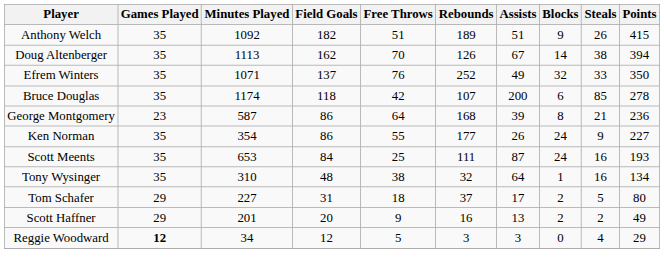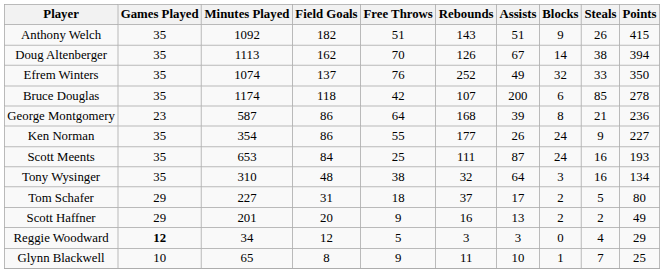 <table class="wikitable sortable" style="text-align:center">
 <tr>
 <th>Player</th>
 <th>Games Played</th>
 <th>Minutes Played</th>
 <th>Field Goals</th>
 <th>Free Throws</th>
 <th>Rebounds</th>
 <th>Assists</th>
 <th>Blocks</th>
 <th>Steals</th>
 <th>Points</th>
 </tr>
 <tr align="center" bgcolor="">
 <td>Anthony Welch</td>
 <td>35</td>
 <td>1092</td>
 <td>182</td>
 <td>51</td>
-<td>189</td>
+<td>143</td>
 <td>51</td>
 <td>9</td>
 <td>26</td>
 <td>415</td>
 </tr>
 <tr align="center" bgcolor="">
 <td>Doug Altenberger</td>
 <td>35</td>
 <td>1113</td>
 <td>162</td>
 <td>70</td>
 <td>126</td>
 <td>67</td>
 <td>14</td>
 <td>38</td>
 <td>394</td>
 </tr>
 <tr align="center" bgcolor="">
 <td>Efrem Winters</td>
 <td>35</td>
-<td>1071</td>
+<td>1074</td>
 <td>137</td>
 <td>76</td>
 <td>252</td>
 <td>49</td>
 <td>32</td>
 <td>33</td>
 <td>350</td>
 </tr>
 <tr align="center" bgcolor="">
 <td>Bruce Douglas</td>
 <td>35</td>
 <td>1174</td>
 <td>118</td>
 <td>42</td>
 <td>107</td>
 <td>200</td>
 <td>6</td>
 <td>85</td>
 <td>278</td>
 </tr>
 <tr align="center" bgcolor="">
 <td>George Montgomery</td>
 <td>23</td>
 <td>587</td>
 <td>86</td>
 <td>64</td>
 <td>168</td>
 <td>39</td>
 <td>8</td>
 <td>21</td>
 <td>236</td>
 </tr>
 <tr align="center" bgcolor="">
 <td>Ken Norman</td>
 <td>35</td>
 <td>354</td>
 <td>86</td>
 <td>55</td>
 <td>177</td>
 <td>26</td>
 <td>24</td>
 <td>9</td>
 <td>227</td>
 </tr>
 <tr align="center" bgcolor="">
 <td>Scott Meents</td>
 <td>35</td>
 <td>653</td>
 <td>84</td>
 <td>25</td>
 <td>111</td>
 <td>87</td>
 <td>24</td>
 <td>16</td>
 <td>193</td>
 </tr>
 <tr align="center" bgcolor="">
 <td>Tony Wysinger</td>
 <td>35</td>
 <td>310</td>
 <td>48</td>
 <td>38</td>
 <td>32</td>
 <td>64</td>
-<td>1</td>
+<td>3</td>
 <td>16</td>
 <td>134</td>
 </tr>
 <tr align="center" bgcolor="">
 <td>Tom Schafer</td>
 <td>29</td>
 <td>227</td>
 <td>31</td>
 <td>18</td>
 <td>37</td>
 <td>17</td>
 <td>2</td>
 <td>5</td>
 <td>80</td>
 </tr>
 <tr align="center" bgcolor="">
 <td>Scott Haffner</td>
 <td>29</td>
 <td>201</td>
 <td>20</td>
 <td>9</td>
 <td>16</td>
 <td>13</td>
 <td>2</td>
 <td>2</td>
 <td>49</td>
 </tr>
 <tr align="center" bgcolor="">
 <td>Reggie Woodward</td>
 <td><strong>12</strong></td>
 <td>34</td>
 <td>12</td>
 <td>5</td>
 <td>3</td>
 <td>3</td>
 <td>0</td>
 <td>4</td>
 <td>29</td>
 </tr>
 <tr align="center" bgcolor="">
+<td>Glynn Blackwell</td>
+<td>10</td>
+<td>65</td>
+<td>8</td>
+<td>9</td>
+<td>11</td>
+<td>10</td>
+<td>1</td>
+<td>7</td>
+<td>25</td>
+</tr>
+<tr align="center" bgcolor="">
 </tr>
 </table>
